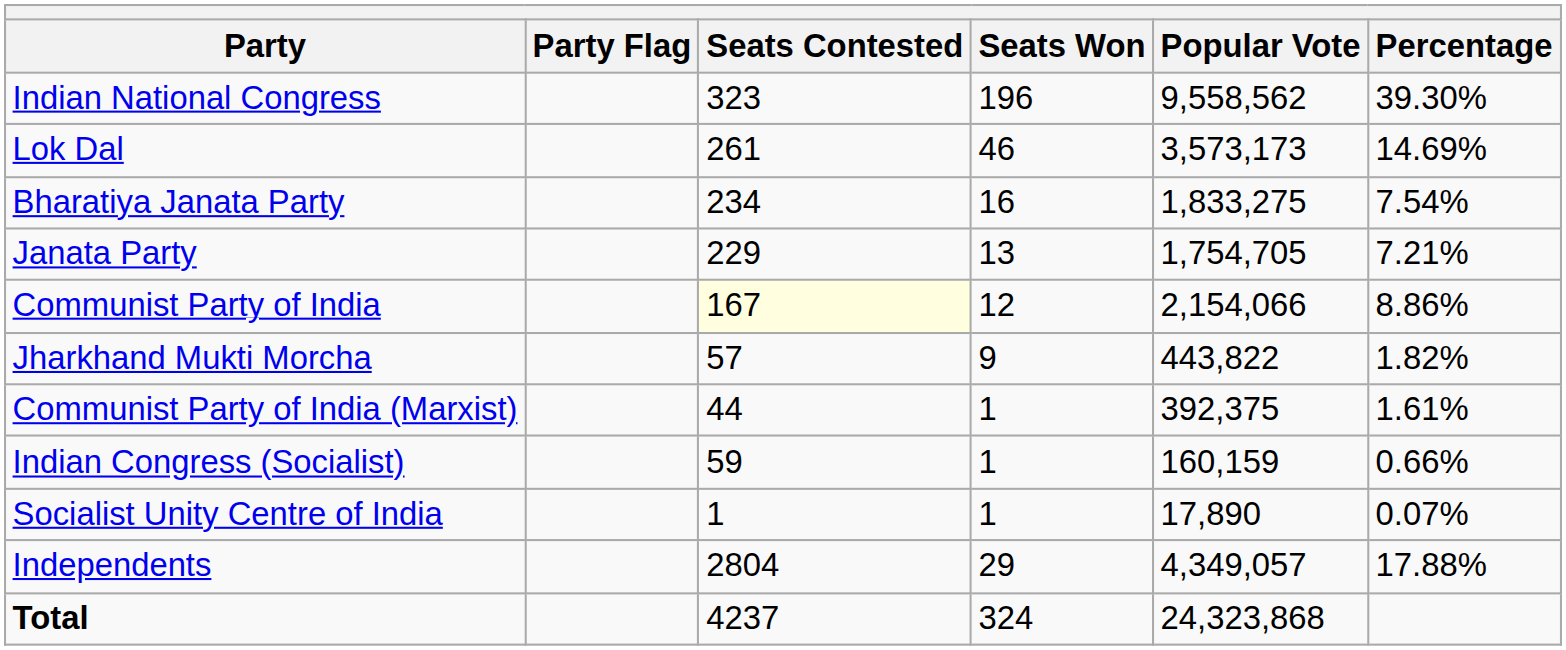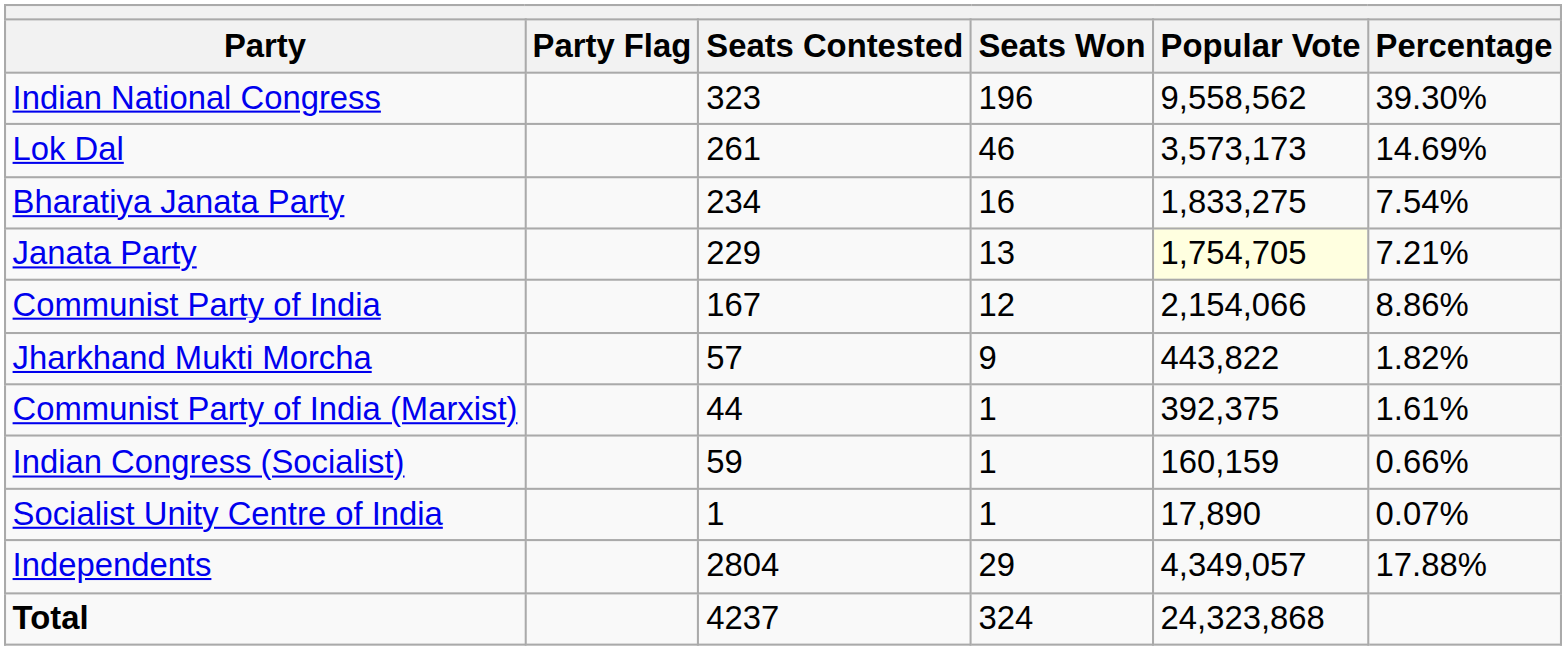 <table class="wikitable sortable">
 <tr>
 <th colspan=10></th>
 </tr>
 <tr>
 <th>Party</th>
 <th>Party Flag</th>
 <th>Seats Contested</th>
 <th>Seats Won</th>
 <th>Popular Vote</th>
 <th>Percentage</th>
 </tr>
 <tr>
 <td><a href='#'>Indian National Congress</a></td>
 <td></td>
 <td>323</td>
 <td>196</td>
 <td>9,558,562</td>
 <td>39.30%</td>
 </tr>
 <tr>
 <td><a href='#'>Lok Dal</a></td>
 <td></td>
 <td>261</td>
 <td>46</td>
 <td>3,573,173</td>
 <td>14.69%</td>
 </tr>
 <tr>
 <td><a href='#'>Bharatiya Janata Party</a></td>
 <td></td>
 <td>234</td>
 <td>16</td>
 <td>1,833,275</td>
 <td>7.54%</td>
 </tr>
 <tr>
 <td><a href='#'>Janata Party</a></td>
 <td></td>
 <td>229</td>
 <td>13</td>
-<td>1,754,705</td>
+<td style="background: lightyellow;">1,754,705</td>
 <td>7.21%</td>
 </tr>
 <tr>
 <td><a href='#'>Communist Party of India</a></td>
 <td></td>
-<td style="background: lightyellow;">167</td>
+<td>167</td>
 <td>12</td>
 <td>2,154,066</td>
 <td>8.86%</td>
 </tr>
 <tr>
 <td><a href='#'>Jharkhand Mukti Morcha</a></td>
 <td></td>
 <td>57</td>
 <td>9</td>
 <td>443,822</td>
 <td>1.82%</td>
 </tr>
 <tr>
 <td><a href='#'>Communist Party of India (Marxist)</a></td>
 <td></td>
 <td>44</td>
 <td>1</td>
 <td>392,375</td>
 <td>1.61%</td>
 </tr>
 <tr>
 <td><a href='#'>Indian Congress (Socialist)</a></td>
 <td></td>
 <td>59</td>
 <td>1</td>
 <td>160,159</td>
 <td>0.66%</td>
 </tr>
 <tr>
 <td><a href='#'>Socialist Unity Centre of India</a></td>
 <td></td>
 <td>1</td>
 <td>1</td>
 <td>17,890</td>
 <td>0.07%</td>
 </tr>
 <tr>
 <td><a href='#'>Independents</a></td>
 <td></td>
 <td>2804</td>
 <td>29</td>
 <td>4,349,057</td>
 <td>17.88%</td>
 </tr>
 <tr>
 <td><strong>Total</strong></td>
 <td></td>
 <td>4237</td>
 <td>324</td>
 <td>24,323,868</td>
 <td></td>
 </tr>
 </table>
